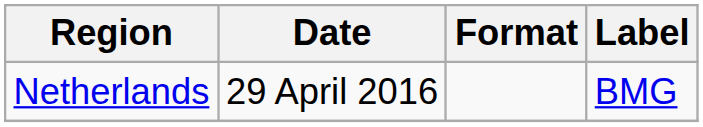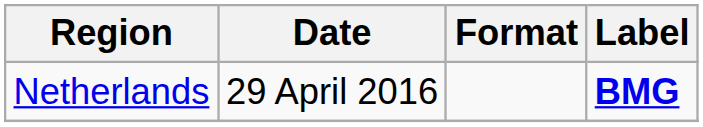 <table class=wikitable>
 <tr>
 <th>Region</th>
 <th>Date</th>
 <th>Format</th>
 <th>Label</th>
 </tr>
 <tr>
 <td><a href='#'>Netherlands</a></td>
 <td>29 April 2016</td>
 <td></td>
-<td><a href='#'>BMG</a></td>
+<td><strong><a href='#'>BMG</a></strong></td>
 </tr>
 <tr>
 </tr>
 </table>
